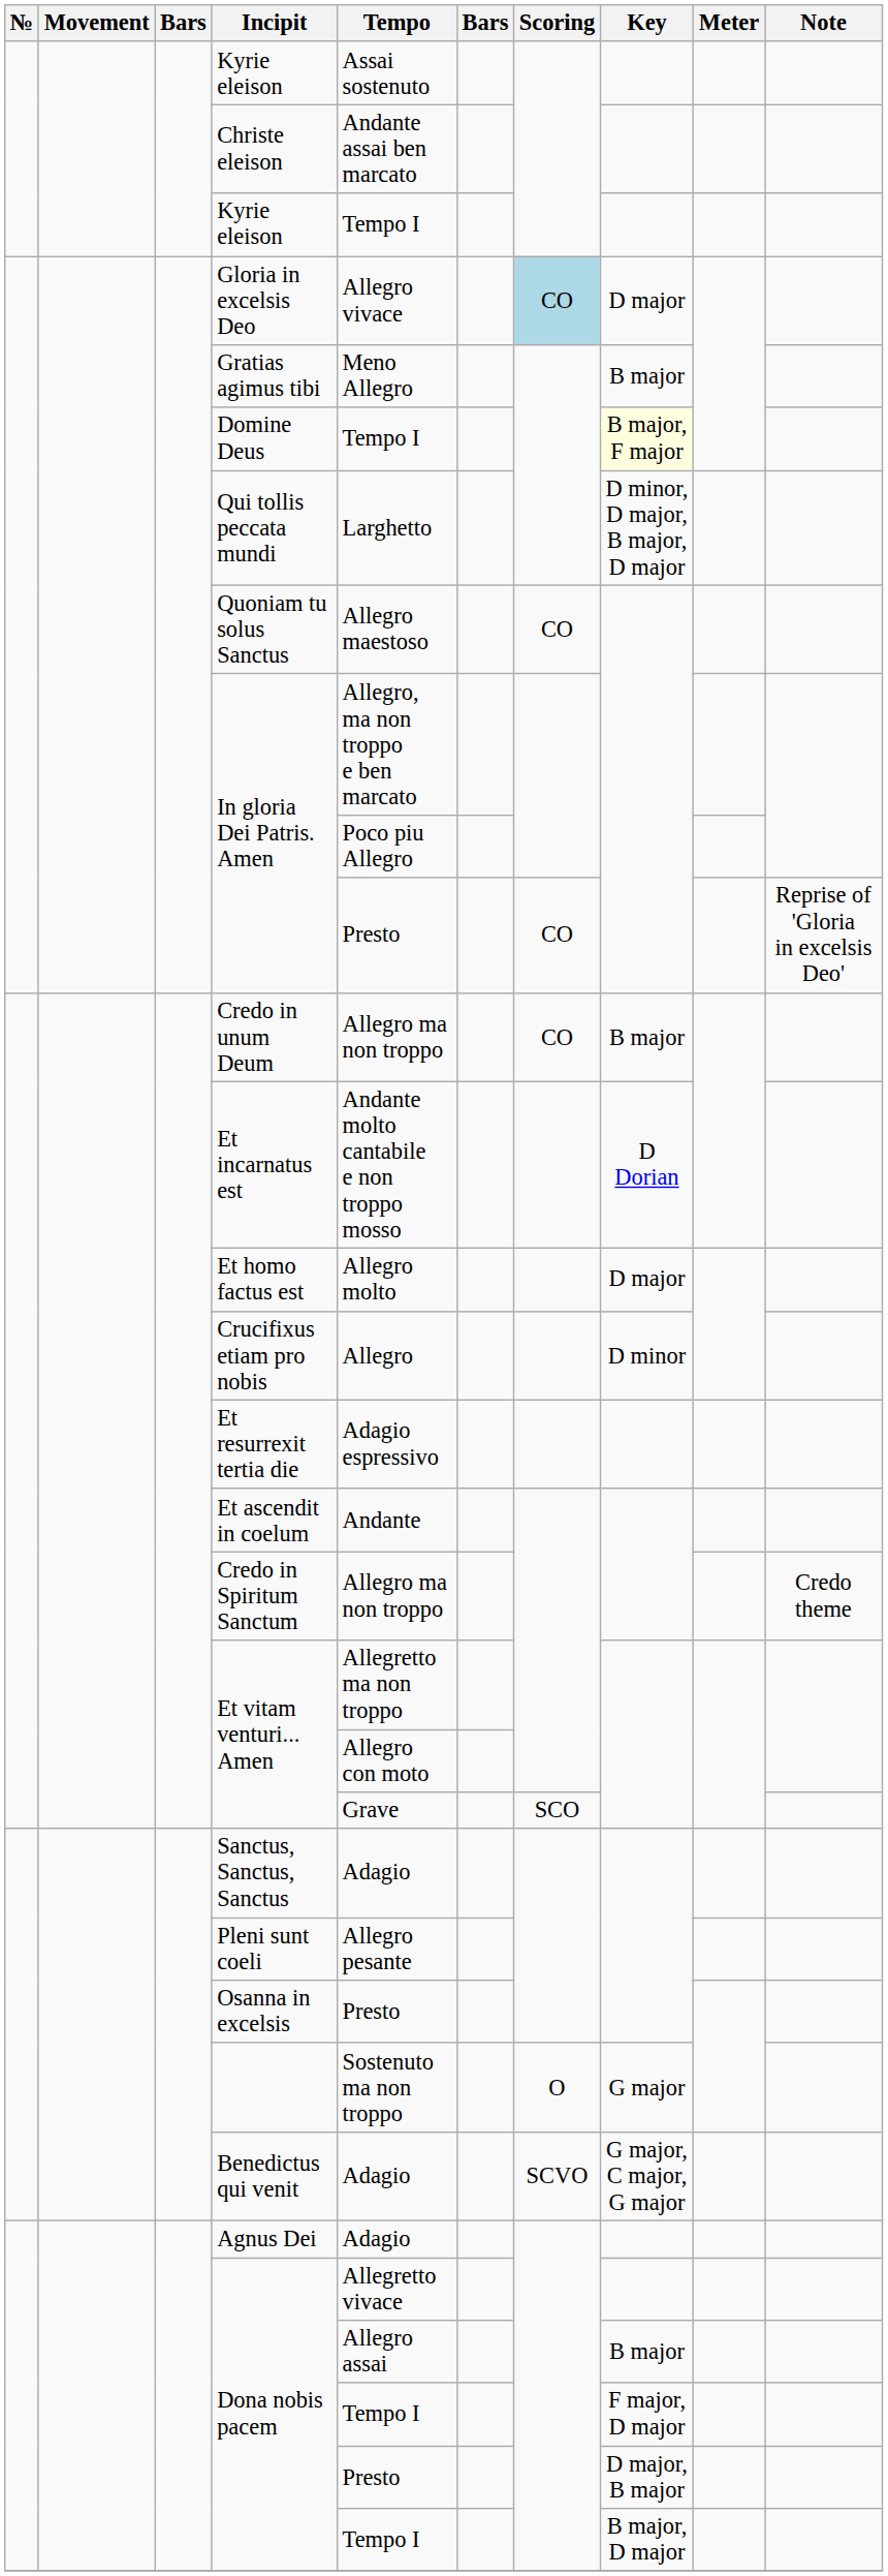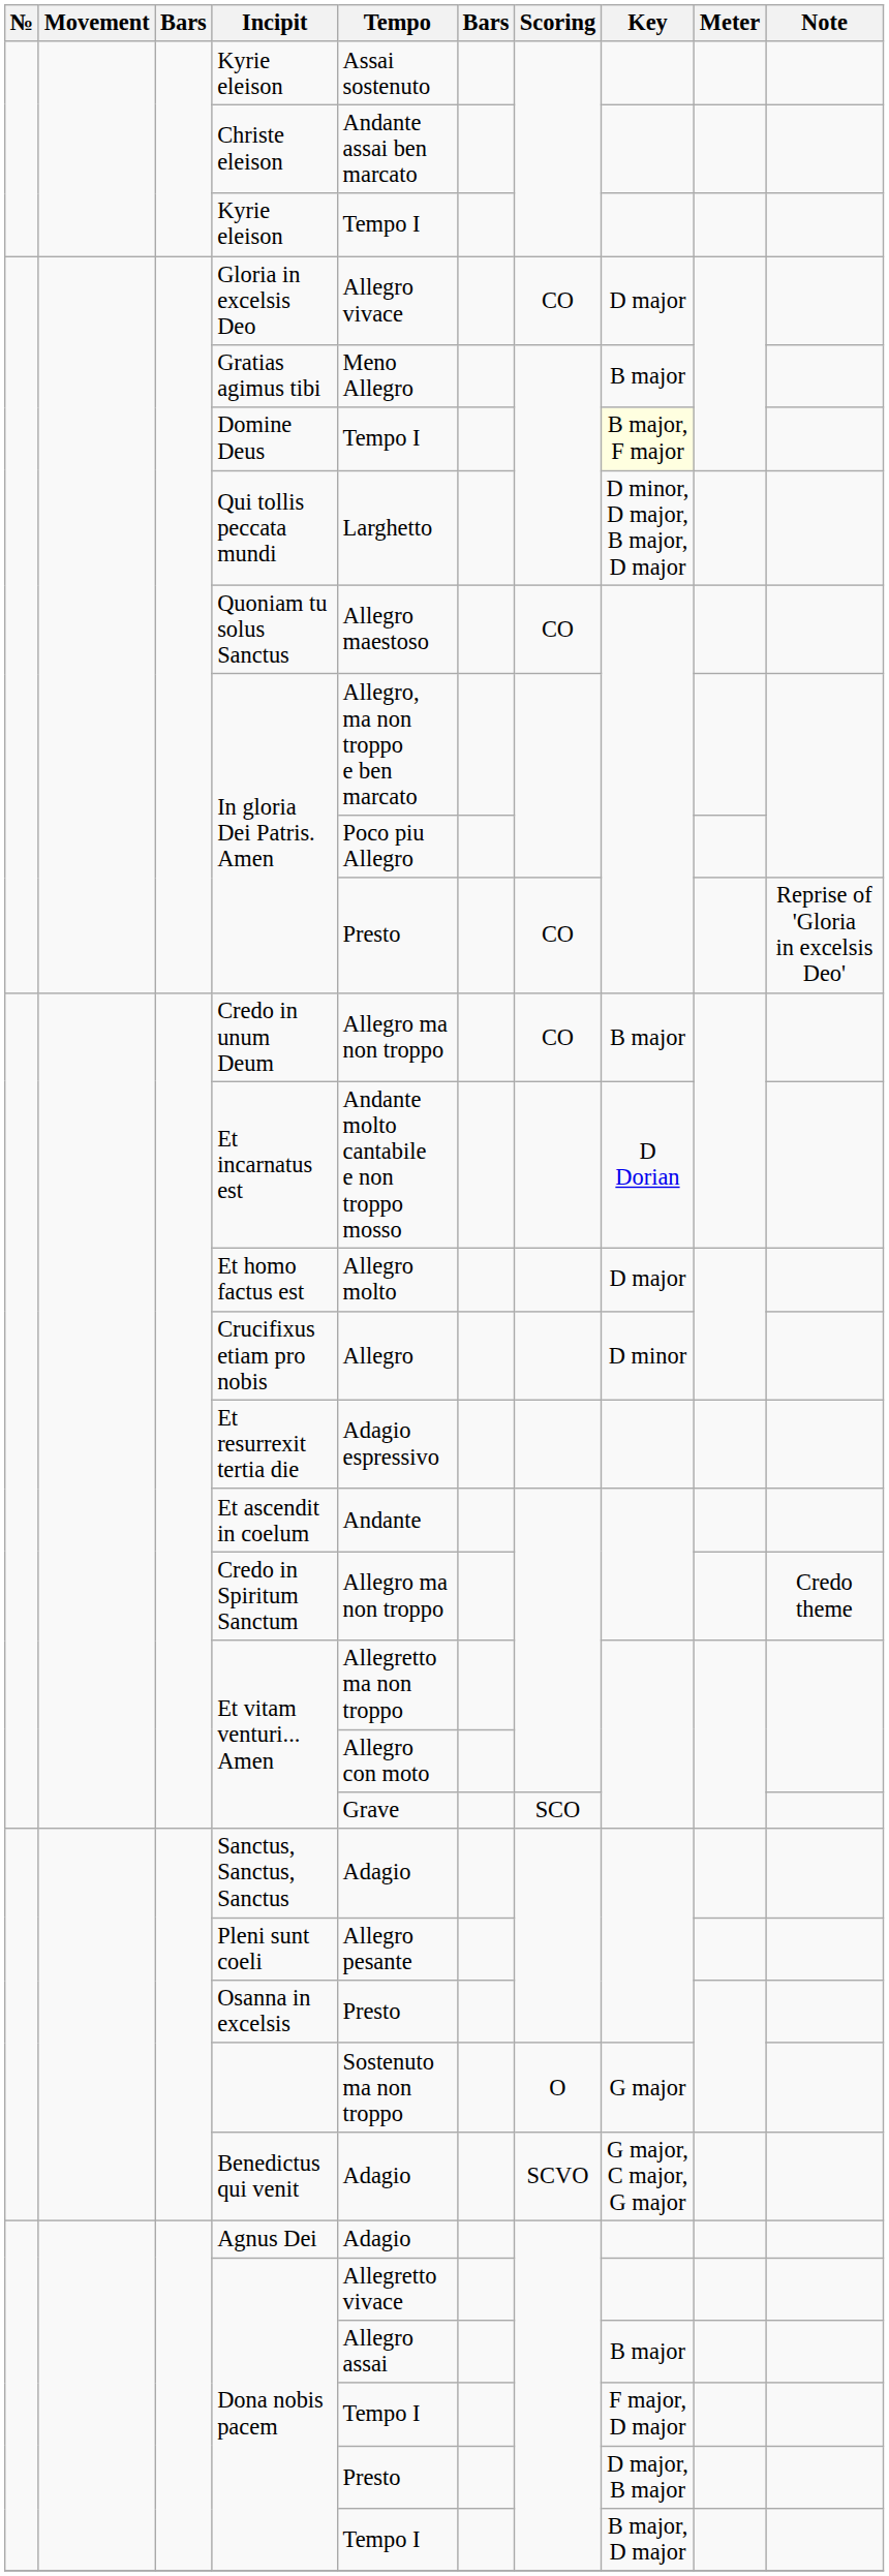 <table class="wikitable" border="1"; style="text-align: left"; style="width:68em; line-height:1.5">
 <tr>
 <th style="width:2%;">№</th>
 <th style="width:8%;">Movement</th>
 <th style="width:4%;">Bars</th>
 <th style="width:22%;">Incipit</th>
 <th style="width:22%;">Tempo</th>
 <th style="width:4%;">Bars</th>
 <th style="width:5%;">Scoring</th>
 <th style="width:8%;">Key</th>
 <th style="width:5%;">Meter</th>
 <th style="width:20%;">Note</th>
 </tr>
 <tr>
 <td rowspan=3></td>
 <td rowspan=3></td>
 <td rowspan=3></td>
 <td>Kyrie eleison</td>
 <td>Assai sostenuto</td>
 <td></td>
 <td rowspan=3></td>
 <td></td>
 <td align="center"></td>
 <td></td>
 </tr>
 <tr>
 <td>Christe eleison</td>
 <td>Andante assai ben marcato</td>
 <td></td>
 <td></td>
 <td align="center"></td>
 <td></td>
 </tr>
 <tr>
 <td>Kyrie eleison</td>
 <td>Tempo I</td>
 <td></td>
 <td></td>
 <td align="center"></td>
 <td></td>
 </tr>
 <tr>
 <td rowspan=8></td>
 <td rowspan=8></td>
 <td rowspan=8></td>
 <td>Gloria in excelsis Deo</td>
 <td>Allegro vivace</td>
 <td></td>
-<td align="center" style="background: lightblue;">CO</td>
+<td align="center">CO</td>
 <td align="center">D major</td>
 <td rowspan=3></td>
 <td></td>
 </tr>
 <tr>
 <td>Gratias agimus tibi</td>
 <td>Meno Allegro</td>
 <td></td>
 <td rowspan=3></td>
 <td align="center">B major</td>
 <td></td>
 </tr>
 <tr>
 <td>Domine Deus</td>
 <td>Tempo I</td>
 <td></td>
 <td align="center" style="background: lightyellow;">B major,<br>F major</td>
 <td></td>
 </tr>
 <tr>
 <td>Qui tollis peccata mundi</td>
 <td>Larghetto</td>
 <td></td>
 <td align="center">D minor,<br>D major,<br>B major,<br> D major</td>
 <td align="center"></td>
 <td></td>
 </tr>
 <tr>
 <td>Quoniam tu solus Sanctus</td>
 <td>Allegro maestoso</td>
 <td></td>
 <td align="center">CO</td>
 <td rowspan=4></td>
 <td align="center"></td>
 <td></td>
 </tr>
 <tr>
 <td rowspan=3>In gloria Dei Patris. Amen</td>
 <td>Allegro, ma non troppo<br>e ben marcato</td>
 <td></td>
 <td rowspan=2></td>
 <td align="center"></td>
 <td rowspan=2></td>
 </tr>
 <tr>
 <td>Poco piu Allegro</td>
 <td></td>
 <td align="center"></td>
 </tr>
 <tr>
 <td>Presto</td>
 <td></td>
 <td align="center">CO</td>
 <td align="center"></td>
 <td align="center">Reprise of<br>'Gloria in excelsis Deo'</td>
 </tr>
 <tr>
 <td rowspan=10></td>
 <td rowspan=10></td>
 <td rowspan=10></td>
 <td>Credo in unum Deum</td>
 <td>Allegro ma non troppo</td>
 <td></td>
 <td align="center">CO</td>
 <td align="center">B major</td>
 <td rowspan=2></td>
 <td></td>
 </tr>
 <tr>
 <td>Et incarnatus est</td>
 <td>Andante molto cantabile<br>e non troppo mosso</td>
 <td></td>
 <td></td>
 <td align="center">D <a href='#'>Dorian</a></td>
 <td></td>
 </tr>
 <tr>
 <td>Et homo factus est</td>
 <td>Allegro molto</td>
 <td></td>
 <td></td>
 <td align="center">D major</td>
 <td rowspan=2></td>
 <td></td>
 </tr>
 <tr>
 <td>Crucifixus etiam pro nobis</td>
 <td>Allegro</td>
 <td></td>
 <td></td>
 <td align="center">D minor</td>
 <td></td>
 </tr>
 <tr>
 <td>Et resurrexit tertia die</td>
 <td>Adagio espressivo</td>
 <td></td>
 <td></td>
 <td></td>
 <td align="center"></td>
 <td></td>
 </tr>
 <tr>
 <td>Et ascendit in coelum</td>
 <td>Andante</td>
 <td></td>
 <td rowspan=4></td>
 <td rowspan=2></td>
 <td align="center"></td>
 <td></td>
 </tr>
 <tr>
 <td>Credo in Spiritum Sanctum</td>
 <td>Allegro ma non troppo</td>
 <td></td>
 <td align="center"></td>
 <td align="center">Credo theme</td>
 </tr>
 <tr>
 <td rowspan=3>Et vitam venturi... Amen</td>
 <td>Allegretto ma non troppo</td>
 <td></td>
 <td rowspan=3></td>
 <td rowspan=3></td>
 <td rowspan=2></td>
 </tr>
 <tr>
 <td>Allegro con moto</td>
 <td></td>
 </tr>
 <tr>
 <td>Grave</td>
 <td></td>
 <td align="center">SCO</td>
 <td></td>
 </tr>
 <tr>
 <td rowspan=5></td>
 <td rowspan=5></td>
 <td rowspan=5></td>
 <td>Sanctus, Sanctus, Sanctus</td>
 <td>Adagio</td>
 <td></td>
 <td rowspan=3></td>
 <td rowspan=3></td>
 <td align="center"></td>
 <td></td>
 </tr>
 <tr>
 <td>Pleni sunt coeli</td>
 <td>Allegro pesante</td>
 <td></td>
 <td align="center"></td>
 <td></td>
 </tr>
 <tr>
 <td>Osanna in excelsis</td>
 <td>Presto</td>
 <td></td>
 <td rowspan=2></td>
 <td></td>
 </tr>
 <tr>
 <td></td>
 <td>Sostenuto ma non troppo</td>
 <td></td>
 <td align="center">O</td>
 <td align="center">G major</td>
 <td></td>
 </tr>
 <tr>
 <td>Benedictus qui venit</td>
 <td>Adagio</td>
 <td></td>
 <td align="center">SCVO</td>
 <td align="center">G major,<br>C major,<br>G major</td>
 <td align="center"></td>
 <td></td>
 </tr>
 <tr>
 <td rowspan=6></td>
 <td rowspan=6></td>
 <td rowspan=6></td>
 <td>Agnus Dei</td>
 <td>Adagio</td>
 <td></td>
 <td rowspan=6></td>
 <td></td>
 <td align="center"></td>
 <td></td>
 </tr>
 <tr>
 <td rowspan=5>Dona nobis pacem</td>
 <td>Allegretto vivace</td>
 <td></td>
 <td></td>
 <td align="center"></td>
 <td></td>
 </tr>
 <tr>
 <td>Allegro assai</td>
 <td></td>
 <td align="center">B major</td>
 <td align="center"></td>
 <td></td>
 </tr>
 <tr>
 <td>Tempo I</td>
 <td></td>
 <td align="center">F major,<br> D major</td>
 <td align="center"></td>
 <td></td>
 </tr>
 <tr>
 <td>Presto</td>
 <td></td>
 <td align="center">D major,<br>B major</td>
 <td align="center"></td>
 <td></td>
 </tr>
 <tr>
 <td>Tempo I</td>
 <td></td>
 <td align="center">B major,<br>D major</td>
 <td align="center"></td>
 <td></td>
 </tr>
 <tr>
 </tr>
 </table>
